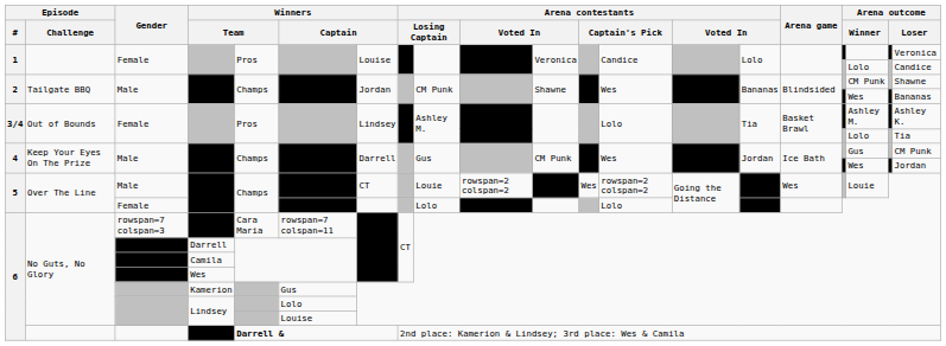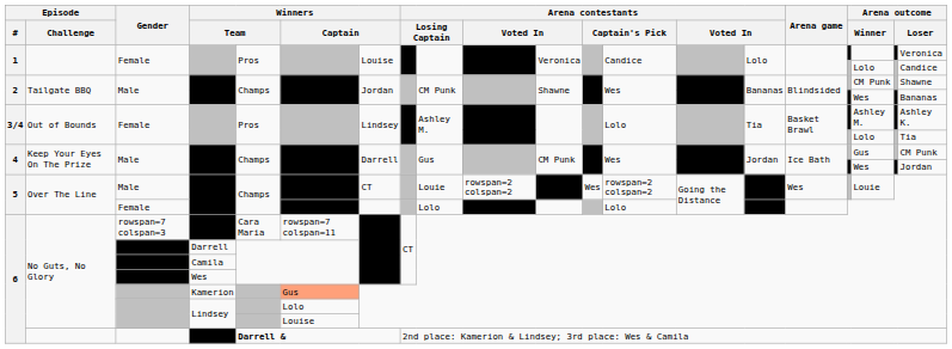 <table class="wikitable" style="font-size:90%">
 <tr>
 <th colspan=2>Episode</th>
 <th rowspan=2>Gender</th>
 <th colspan=4>Winners</th>
 <th colspan=8>Arena contestants</th>
 <th rowspan=2>Arena game</th>
 <th colspan=4>Arena outcome</th>
 </tr>
 <tr>
 <th>#</th>
 <th>Challenge</th>
 <th colspan=2>Team</th>
 <th colspan=2>Captain</th>
 <th colspan=2>Losing Captain</th>
 <th colspan=2>Voted In</th>
 <th colspan=2>Captain's Pick</th>
 <th colspan=2>Voted In</th>
 <th colspan=2>Winner</th>
 <th colspan=2>Loser</th>
 </tr>
 <tr>
 <th rowspan=2>1</th>
 <td rowspan=2 colspan=1></td>
 <td rowspan=2>Female</td>
 <td bgcolor="silver" rowspan=2></td>
 <td rowspan=2>Pros</td>
 <td bgcolor="silver" rowspan=2></td>
 <td rowspan=2>Louise</td>
 <td bgcolor="black" rowspan=2></td>
 <td rowspan=2></td>
 <td bgcolor="black" rowspan=2></td>
 <td rowspan=2>Veronica</td>
 <td bgcolor="silver" rowspan=2></td>
 <td rowspan=2>Candice</td>
 <td bgcolor="silver" rowspan=2></td>
 <td rowspan=2>Lolo</td>
 <td rowspan=2></td>
 <td bgcolor="black"></td>
 <td></td>
 <td bgcolor="black"></td>
 <td>Veronica</td>
 </tr>
 <tr>
 <td bgcolor="silver"></td>
 <td>Lolo</td>
 <td bgcolor="silver"></td>
 <td>Candice</td>
 </tr>
 <tr>
 <th rowspan=2>2</th>
 <td rowspan=2 colspan=1>Tailgate BBQ</td>
 <td rowspan=2>Male</td>
 <td bgcolor="black" rowspan=2></td>
 <td rowspan=2>Champs</td>
 <td bgcolor="black" rowspan=2></td>
 <td rowspan=2>Jordan</td>
 <td bgcolor="silver" rowspan=2></td>
 <td rowspan=2>CM Punk</td>
 <td bgcolor="silver" rowspan=2></td>
 <td rowspan=2>Shawne</td>
 <td bgcolor="black" rowspan=2></td>
 <td rowspan=2>Wes</td>
 <td bgcolor="black" rowspan=2></td>
 <td rowspan=2>Bananas</td>
 <td rowspan=2>Blindsided</td>
 <td bgcolor="silver"></td>
 <td>CM Punk</td>
 <td bgcolor="silver"></td>
 <td>Shawne</td>
 </tr>
 <tr>
 <td bgcolor="black"></td>
 <td>Wes</td>
 <td bgcolor="black"></td>
 <td>Bananas</td>
 </tr>
 <tr>
 <th rowspan=2>3/4</th>
 <td rowspan=2 colspan=1>Out of Bounds</td>
 <td rowspan=2>Female</td>
 <td bgcolor="silver" rowspan=2></td>
 <td rowspan=2>Pros</td>
 <td bgcolor="silver" rowspan=2></td>
 <td rowspan=2>Lindsey</td>
 <td bgcolor="black" rowspan=2></td>
 <td rowspan=2>Ashley M.</td>
 <td bgcolor="black" rowspan=2></td>
 <td rowspan=2></td>
 <td bgcolor="silver" rowspan=2></td>
 <td rowspan=2>Lolo</td>
 <td bgcolor="silver" rowspan=2></td>
 <td rowspan=2>Tia</td>
 <td rowspan=2>Basket Brawl</td>
 <td bgcolor="black"></td>
 <td>Ashley M.</td>
 <td bgcolor="black"></td>
 <td>Ashley K.</td>
 </tr>
 <tr>
 <td bgcolor="silver"></td>
 <td>Lolo</td>
 <td bgcolor="silver"></td>
 <td>Tia</td>
 </tr>
 <tr>
 <th rowspan=2>4</th>
 <td rowspan=2>Keep Your Eyes On The Prize</td>
 <td rowspan=2>Male</td>
 <td bgcolor="black" rowspan=2></td>
 <td rowspan=2>Champs</td>
 <td bgcolor="black" rowspan=2></td>
 <td rowspan=2>Darrell</td>
 <td bgcolor="silver" rowspan=2></td>
 <td rowspan=2>Gus</td>
 <td bgcolor="silver" rowspan=2></td>
 <td rowspan=2>CM Punk</td>
 <td bgcolor="black" rowspan=2></td>
 <td rowspan=2>Wes</td>
 <td bgcolor="black" rowspan=2></td>
 <td rowspan=2>Jordan</td>
 <td rowspan=2>Ice Bath</td>
 <td bgcolor="silver"></td>
 <td>Gus</td>
 <td bgcolor="silver"></td>
 <td>CM Punk</td>
 </tr>
 <tr>
 <td bgcolor="black"></td>
 <td>Wes</td>
 <td bgcolor="black"></td>
 <td>Jordan</td>
 </tr>
 <tr>
 <th rowspan=2>5</th>
 <td rowspan=2>Over The Line</td>
 <td>Male</td>
 <td bgcolor="black" rowspan=2></td>
 <td rowspan=2>Champs</td>
 <td bgcolor="black"></td>
 <td>CT</td>
 <td bgcolor="silver"></td>
 <td>Louie</td>
 <td>rowspan=2 colspan=2 </td>
 <td bgcolor="black"></td>
 <td>Wes</td>
 <td>rowspan=2 colspan=2 </td>
 <td rowspan=2>Going the Distance</td>
 <td bgcolor="black"></td>
 <td>Wes</td>
 <td bgcolor="silver"></td>
 <td>Louie</td>
 </tr>
 <tr>
 <td>Female</td>
 <td bgcolor="black"></td>
 <td></td>
 <td bgcolor="silver"></td>
 <td>Lolo</td>
 <td bgcolor="black"></td>
 <td></td>
 <td bgcolor="silver"></td>
 <td>Lolo</td>
 <td bgcolor="black"></td>
 <td></td>
 </tr>
 <tr>
 <th rowspan=8>6</th>
 <td rowspan=7>No Guts, No Glory</td>
 <td>rowspan=7 colspan=3 </td>
 <td bgcolor=black></td>
 <td>Cara Maria</td>
 <td>rowspan=7 colspan=11 </td>
 <td bgcolor="black" rowspan=4></td>
 <td rowspan=4>CT</td>
 </tr>
 <tr>
 <td bgcolor=black></td>
 <td>Darrell</td>
 </tr>
 <tr>
 <td bgcolor="black"></td>
 <td>Camila</td>
 </tr>
 <tr>
 <td bgcolor="black"></td>
 <td>Wes</td>
 </tr>
 <tr>
 <td bgcolor=silver></td>
 <td>Kamerion</td>
 <td bgcolor=silver></td>
-<td>Gus</td>
+<td style="background: lightsalmon;">Gus</td>
 </tr>
 <tr>
 <td bgcolor=silver rowspan=2></td>
 <td rowspan=2>Lindsey</td>
 <td bgcolor=silver></td>
 <td>Lolo</td>
 </tr>
 <tr>
 <td bgcolor=silver></td>
 <td>Louise</td>
 </tr>
 <tr>
 <td></td>
 <td></td>
 <td bgcolor="black"></td>
 <td colspan=3><strong>Darrell & </strong></td>
 <td colspan=13>2nd place: Kamerion & Lindsey; 3rd place: Wes & Camila</td>
 </tr>
 </table>
